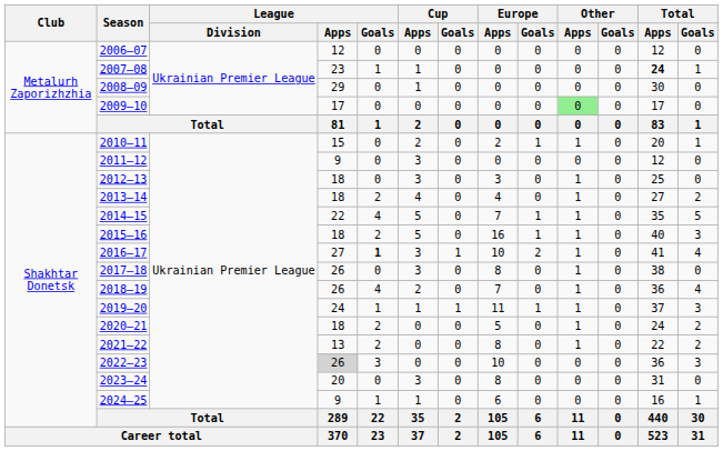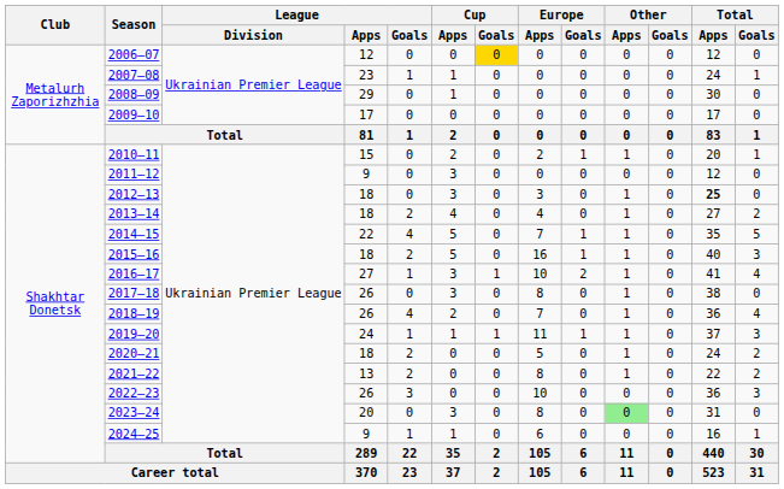 <table class="wikitable" style="text-align:center">
 <tr>
 <th rowspan="2" width="100">Club</th>
 <th rowspan="2">Season</th>
 <th colspan="3">League</th>
 <th colspan="2">Cup</th>
 <th colspan="2">Europe</th>
 <th colspan="2">Other</th>
 <th colspan="2">Total</th>
 </tr>
 <tr>
 <th>Division</th>
 <th width="40">Apps</th>
 <th width="40">Goals</th>
 <th width="40">Apps</th>
 <th width="40">Goals</th>
 <th width="40">Apps</th>
 <th width="40">Goals</th>
 <th width="40">Apps</th>
 <th width="40">Goals</th>
 <th width="40">Apps</th>
 <th width="40">Goals</th>
 </tr>
 <tr>
 <td rowspan="5"><a href='#'>Metalurh Zaporizhzhia</a></td>
 <td><a href='#'>2006–07</a></td>
 <td rowspan="4"><a href='#'>Ukrainian Premier League</a></td>
 <td>12</td>
 <td>0</td>
 <td>0</td>
-<td>0</td>
+<td style="background: gold;">0</td>
 <td>0</td>
 <td>0</td>
 <td>0</td>
 <td>0</td>
 <td>12</td>
 <td>0</td>
 </tr>
 <tr>
 <td><a href='#'>2007–08</a></td>
 <td>23</td>
 <td>1</td>
 <td>1</td>
 <td>0</td>
 <td>0</td>
 <td>0</td>
 <td>0</td>
 <td>0</td>
-<td><strong>24</strong></td>
+<td>24</td>
 <td>1</td>
 </tr>
 <tr>
 <td><a href='#'>2008–09</a></td>
 <td>29</td>
 <td>0</td>
 <td>1</td>
 <td>0</td>
 <td>0</td>
 <td>0</td>
 <td>0</td>
 <td>0</td>
 <td>30</td>
 <td>0</td>
 </tr>
 <tr>
 <td><a href='#'>2009–10</a></td>
 <td>17</td>
 <td>0</td>
 <td>0</td>
 <td>0</td>
 <td>0</td>
 <td>0</td>
-<td style="background: lightgreen;">0</td>
+<td>0</td>
 <td>0</td>
 <td>17</td>
 <td>0</td>
 </tr>
 <tr>
 <th colspan="2">Total</th>
 <th>81</th>
 <th>1</th>
 <th>2</th>
 <th>0</th>
 <th>0</th>
 <th>0</th>
 <th>0</th>
 <th>0</th>
 <th>83</th>
 <th>1</th>
 </tr>
 <tr>
 <td rowspan="16"><a href='#'>Shakhtar Donetsk</a></td>
 <td><a href='#'>2010–11</a></td>
 <td rowspan="15">Ukrainian Premier League</td>
 <td>15</td>
 <td>0</td>
 <td>2</td>
 <td>0</td>
 <td>2</td>
 <td>1</td>
 <td>1</td>
 <td>0</td>
 <td>20</td>
 <td>1</td>
 </tr>
 <tr>
 <td><a href='#'>2011–12</a></td>
 <td>9</td>
 <td>0</td>
 <td>3</td>
 <td>0</td>
 <td>0</td>
 <td>0</td>
 <td>0</td>
 <td>0</td>
 <td>12</td>
 <td>0</td>
 </tr>
 <tr>
 <td><a href='#'>2012–13</a></td>
 <td>18</td>
 <td>0</td>
 <td>3</td>
 <td>0</td>
 <td>3</td>
 <td>0</td>
 <td>1</td>
 <td>0</td>
-<td>25</td>
+<td><strong>25</strong></td>
 <td>0</td>
 </tr>
 <tr>
 <td><a href='#'>2013–14</a></td>
 <td>18</td>
 <td>2</td>
 <td>4</td>
 <td>0</td>
 <td>4</td>
 <td>0</td>
 <td>1</td>
 <td>0</td>
 <td>27</td>
 <td>2</td>
 </tr>
 <tr>
 <td><a href='#'>2014–15</a></td>
 <td>22</td>
 <td>4</td>
 <td>5</td>
 <td>0</td>
 <td>7</td>
 <td>1</td>
 <td>1</td>
 <td>0</td>
 <td>35</td>
 <td>5</td>
 </tr>
 <tr>
 <td><a href='#'>2015–16</a></td>
 <td>18</td>
 <td>2</td>
 <td>5</td>
 <td>0</td>
 <td>16</td>
 <td>1</td>
 <td>1</td>
 <td>0</td>
 <td>40</td>
 <td>3</td>
 </tr>
 <tr>
 <td><a href='#'>2016–17</a></td>
 <td>27</td>
-<td><strong>1</strong></td>
+<td>1</td>
 <td>3</td>
 <td>1</td>
 <td>10</td>
 <td>2</td>
 <td>1</td>
 <td>0</td>
 <td>41</td>
 <td>4</td>
 </tr>
 <tr>
 <td><a href='#'>2017–18</a></td>
 <td>26</td>
 <td>0</td>
 <td>3</td>
 <td>0</td>
 <td>8</td>
 <td>0</td>
 <td>1</td>
 <td>0</td>
 <td>38</td>
 <td>0</td>
 </tr>
 <tr>
 <td><a href='#'>2018–19</a></td>
 <td>26</td>
 <td>4</td>
 <td>2</td>
 <td>0</td>
 <td>7</td>
 <td>0</td>
 <td>1</td>
 <td>0</td>
 <td>36</td>
 <td>4</td>
 </tr>
 <tr>
 <td><a href='#'>2019–20</a></td>
 <td>24</td>
 <td>1</td>
 <td>1</td>
 <td>1</td>
 <td>11</td>
 <td>1</td>
 <td>1</td>
 <td>0</td>
 <td>37</td>
 <td>3</td>
 </tr>
 <tr>
 <td><a href='#'>2020–21</a></td>
 <td>18</td>
 <td>2</td>
 <td>0</td>
 <td>0</td>
 <td>5</td>
 <td>0</td>
 <td>1</td>
 <td>0</td>
 <td>24</td>
 <td>2</td>
 </tr>
 <tr>
 <td><a href='#'>2021–22</a></td>
 <td>13</td>
 <td>2</td>
 <td>0</td>
 <td>0</td>
 <td>8</td>
 <td>0</td>
 <td>1</td>
 <td>0</td>
 <td>22</td>
 <td>2</td>
 </tr>
 <tr>
 <td><a href='#'>2022–23</a></td>
-<td style="background: lightgrey;">26</td>
+<td>26</td>
 <td>3</td>
 <td>0</td>
 <td>0</td>
 <td>10</td>
 <td>0</td>
 <td>0</td>
 <td>0</td>
 <td>36</td>
 <td>3</td>
 </tr>
 <tr>
 <td><a href='#'>2023–24</a></td>
 <td>20</td>
 <td>0</td>
 <td>3</td>
 <td>0</td>
 <td>8</td>
 <td>0</td>
-<td>0</td>
+<td style="background: lightgreen;">0</td>
 <td>0</td>
 <td>31</td>
 <td>0</td>
 </tr>
 <tr>
 <td><a href='#'>2024–25</a></td>
 <td>9</td>
 <td>1</td>
 <td>1</td>
 <td>0</td>
 <td>6</td>
 <td>0</td>
 <td>0</td>
 <td>0</td>
 <td>16</td>
 <td>1</td>
 </tr>
 <tr>
 <th colspan="2">Total</th>
 <th>289</th>
 <th>22</th>
 <th>35</th>
 <th>2</th>
 <th>105</th>
 <th>6</th>
 <th>11</th>
 <th>0</th>
 <th>440</th>
 <th>30</th>
 </tr>
 <tr>
 <th colspan="3">Career total</th>
 <th>370</th>
 <th>23</th>
 <th>37</th>
 <th>2</th>
 <th>105</th>
 <th>6</th>
 <th>11</th>
 <th>0</th>
 <th>523</th>
 <th>31</th>
 </tr>
 </table>
